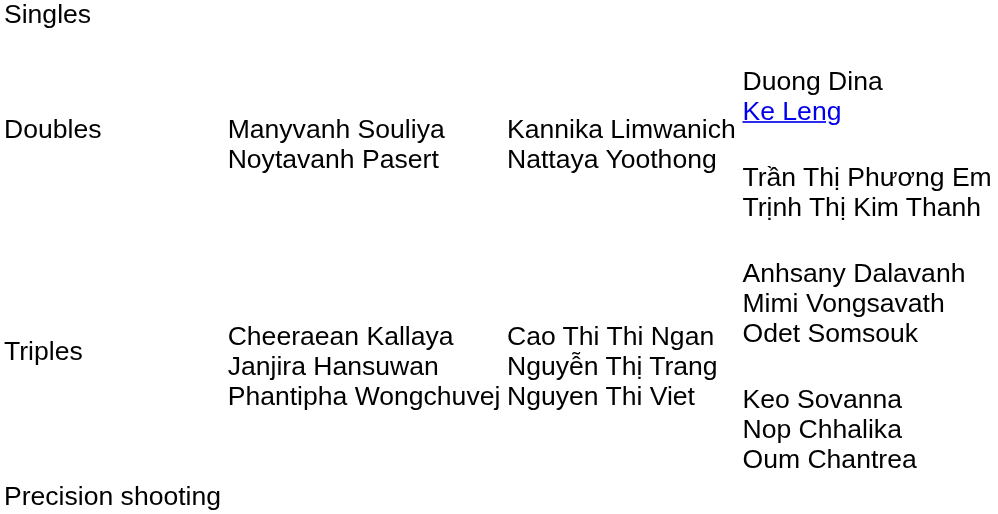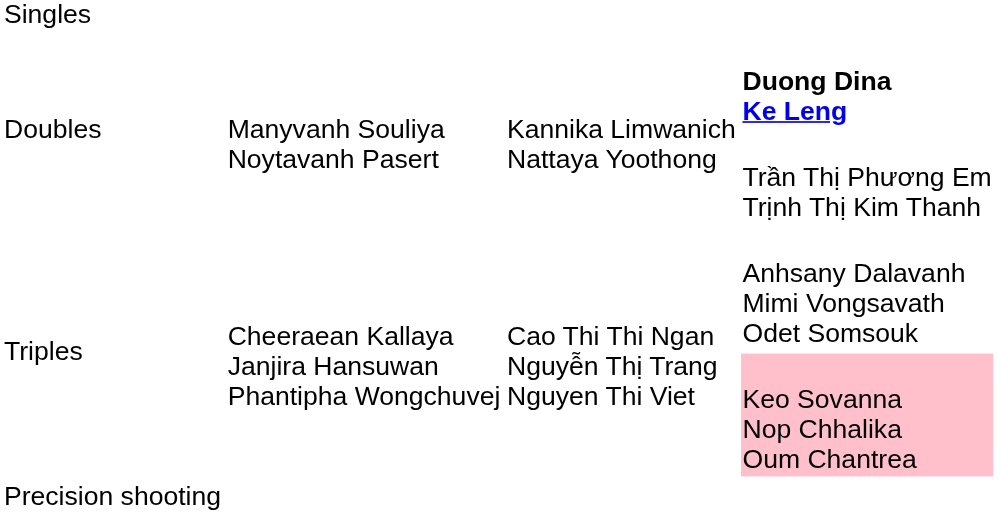 <table>
 <tr>
 <td rowspan="2">Singles</td>
 <td rowspan="2"></td>
 <td rowspan="2"></td>
 <td></td>
 </tr>
 <tr>
 <td></td>
 </tr>
 <tr>
 <td rowspan="2">Doubles</td>
 <td rowspan="2"><br>Manyvanh Souliya<br>Noytavanh Pasert</td>
 <td rowspan="2"><br>Kannika Limwanich<br>Nattaya Yoothong</td>
-<td><br>Duong Dina<br><a href='#'>Ke Leng</a></td>
+<td><strong><br>Duong Dina<br><a href='#'>Ke Leng</a></strong></td>
 </tr>
 <tr>
 <td><br>Trần Thị Phương Em<br>Trịnh Thị Kim Thanh</td>
 </tr>
 <tr>
 <td rowspan="2">Triples</td>
 <td rowspan="2" nowrap><br>Cheeraean Kallaya<br>Janjira Hansuwan<br>Phantipha Wongchuvej</td>
 <td rowspan="2"><br>Cao Thi Thi Ngan<br>Nguyễn Thị Trang<br>Nguyen Thi Viet</td>
 <td><br>Anhsany Dalavanh<br>Mimi Vongsavath<br>Odet Somsouk</td>
 </tr>
 <tr>
-<td><br>Keo Sovanna<br>Nop Chhalika<br>Oum Chantrea</td>
+<td style="background: pink;"><br>Keo Sovanna<br>Nop Chhalika<br>Oum Chantrea</td>
 </tr>
 <tr>
 <td rowspan="2">Precision shooting</td>
 <td rowspan="2"></td>
 <td rowspan="2" nowrap></td>
 <td></td>
 </tr>
 <tr>
 <td nowrap></td>
 </tr>
 </table>
